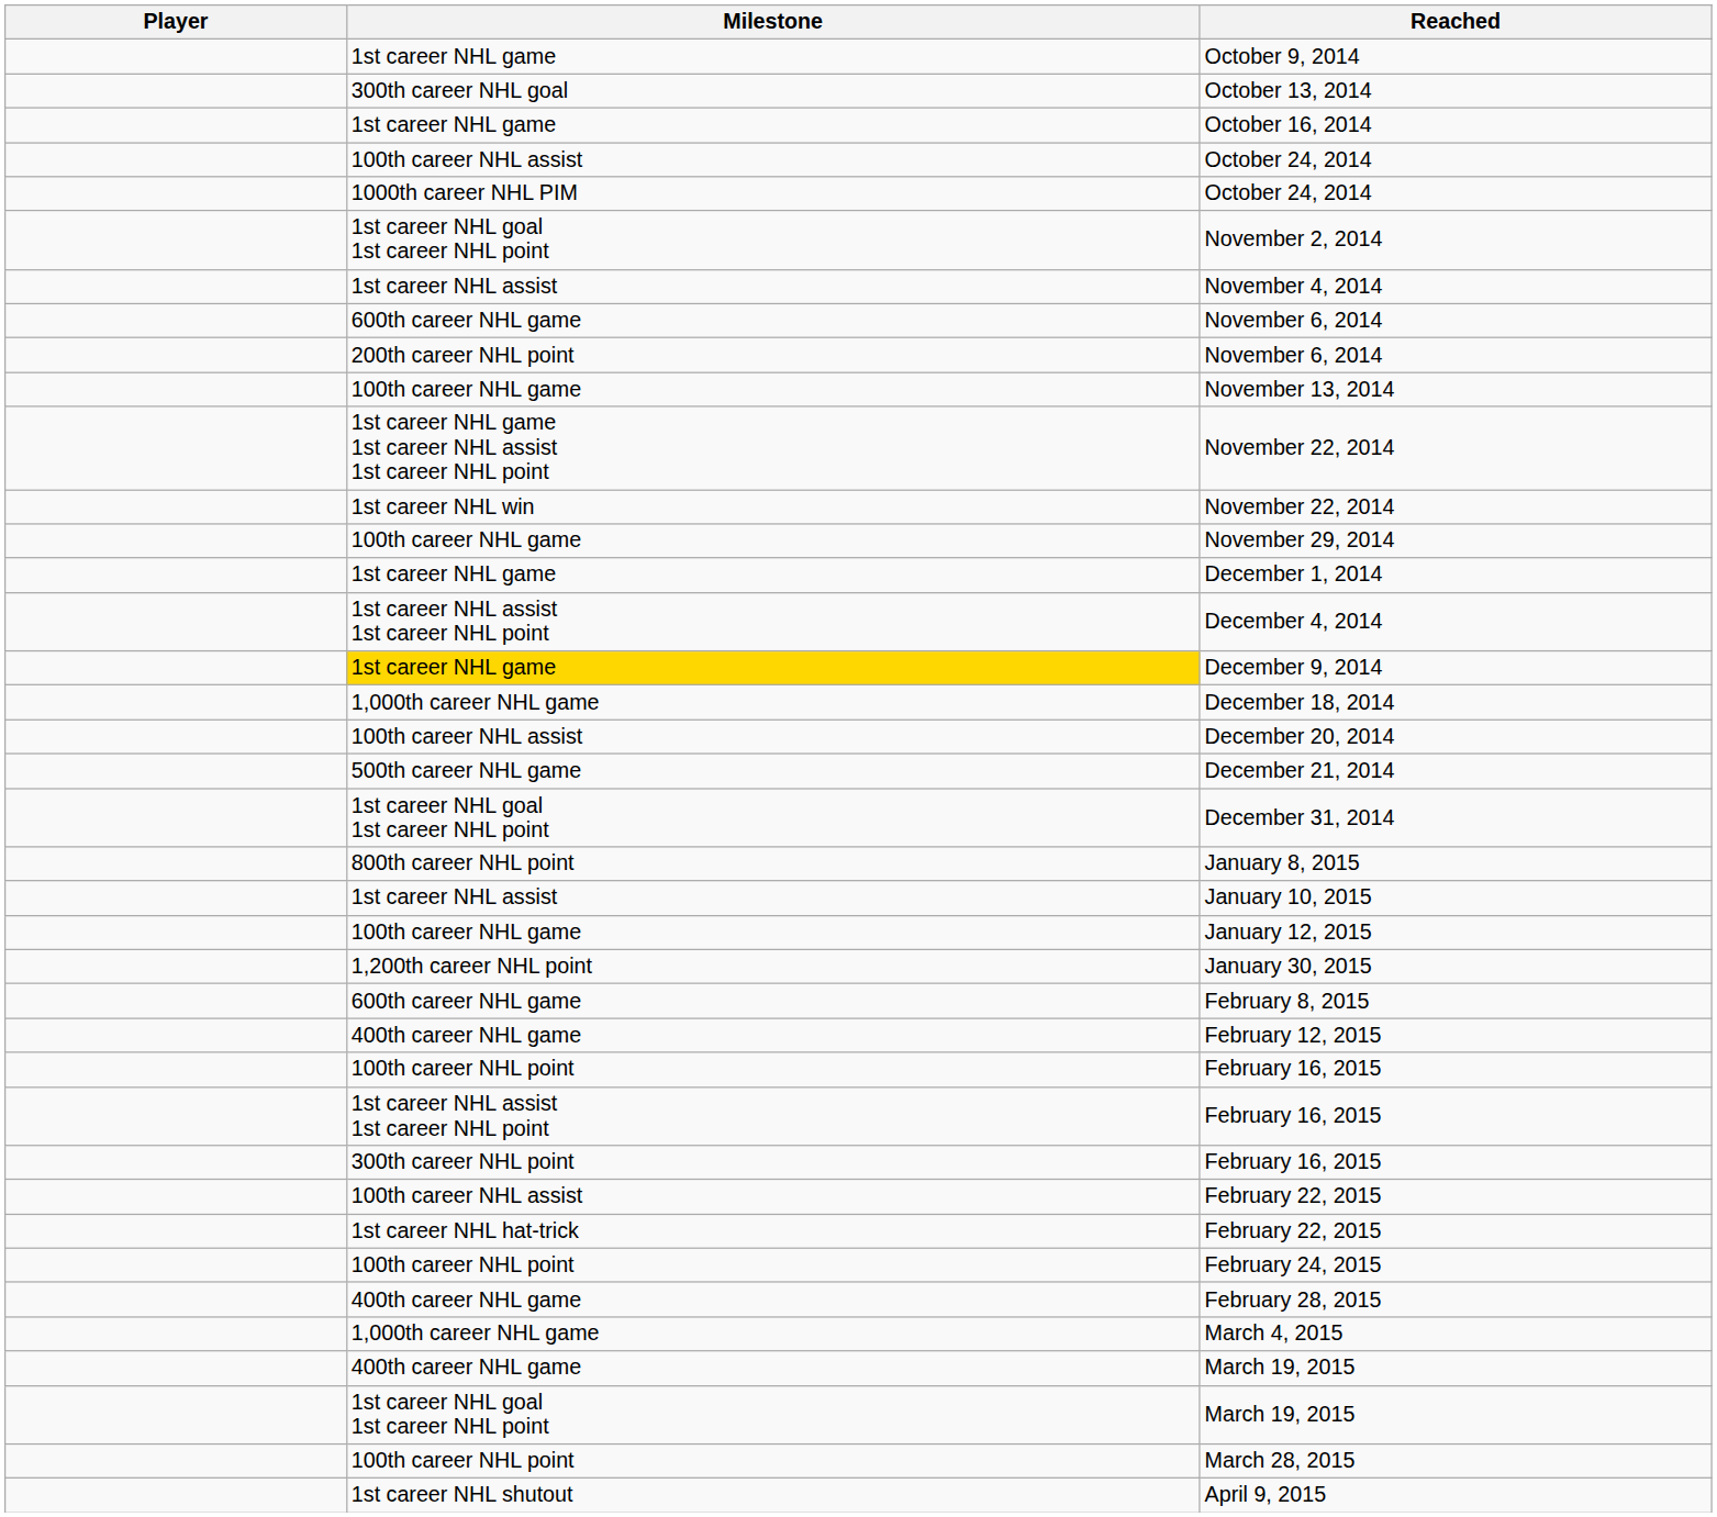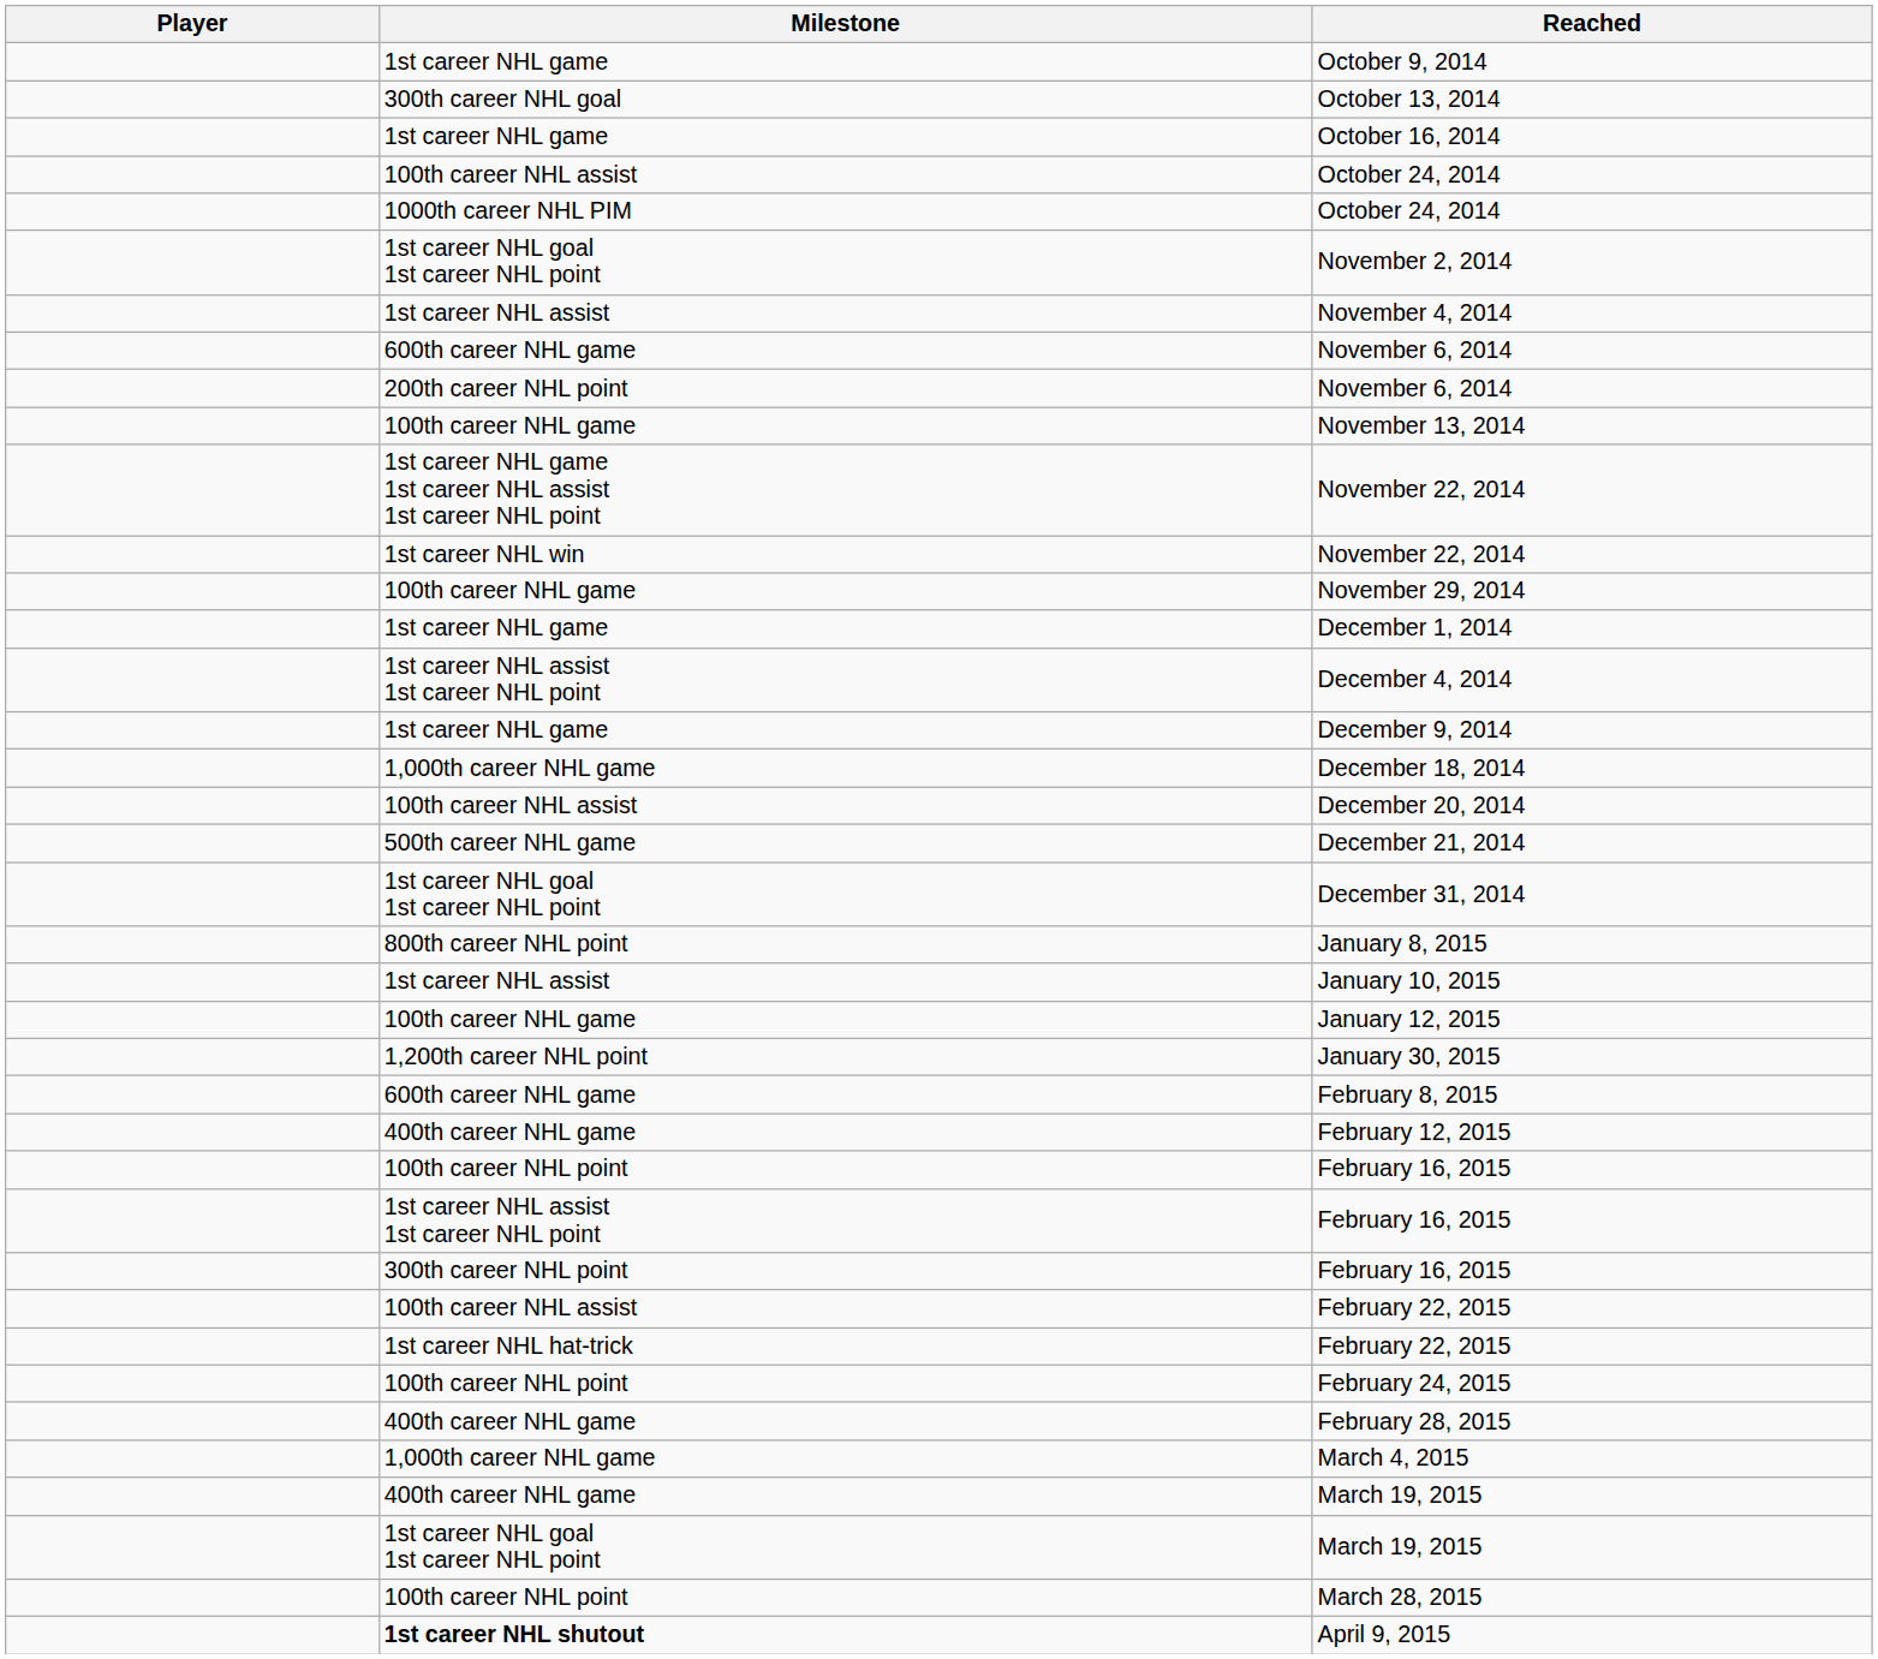 <table class="wikitable sortable" style="width:100%;">
 <tr align=center>
 <th style="width:20%;">Player</th>
 <th style="width:50%;">Milestone</th>
 <th style="width:30%;" data-sort-type="date">Reached</th>
 </tr>
 <tr>
 <td></td>
 <td>1st career NHL game</td>
 <td>October 9, 2014</td>
 </tr>
 <tr>
 <td></td>
 <td>300th career NHL goal</td>
 <td>October 13, 2014</td>
 </tr>
 <tr>
 <td></td>
 <td>1st career NHL game</td>
 <td>October 16, 2014</td>
 </tr>
 <tr>
 <td></td>
 <td>100th career NHL assist</td>
 <td>October 24, 2014</td>
 </tr>
 <tr>
 <td></td>
 <td>1000th career NHL PIM</td>
 <td>October 24, 2014</td>
 </tr>
 <tr>
 <td></td>
 <td>1st career NHL goal<br>1st career NHL point</td>
 <td>November 2, 2014</td>
 </tr>
 <tr>
 <td></td>
 <td>1st career NHL assist</td>
 <td>November 4, 2014</td>
 </tr>
 <tr>
 <td></td>
 <td>600th career NHL game</td>
 <td>November 6, 2014</td>
 </tr>
 <tr>
 <td></td>
 <td>200th career NHL point</td>
 <td>November 6, 2014</td>
 </tr>
 <tr>
 <td></td>
 <td>100th career NHL game</td>
 <td>November 13, 2014</td>
 </tr>
 <tr>
 <td></td>
 <td>1st career NHL game<br>1st career NHL assist<br>1st career NHL point</td>
 <td>November 22, 2014</td>
 </tr>
 <tr>
 <td></td>
 <td>1st career NHL win</td>
 <td>November 22, 2014</td>
 </tr>
 <tr>
 <td></td>
 <td>100th career NHL game</td>
 <td>November 29, 2014</td>
 </tr>
 <tr>
 <td></td>
 <td>1st career NHL game</td>
 <td>December 1, 2014</td>
 </tr>
 <tr>
 <td></td>
 <td>1st career NHL assist<br>1st career NHL point</td>
 <td>December 4, 2014</td>
 </tr>
 <tr>
 <td></td>
-<td style="background: gold;">1st career NHL game</td>
+<td>1st career NHL game</td>
 <td>December 9, 2014</td>
 </tr>
 <tr>
 <td></td>
 <td>1,000th career NHL game</td>
 <td>December 18, 2014</td>
 </tr>
 <tr>
 <td></td>
 <td>100th career NHL assist</td>
 <td>December 20, 2014</td>
 </tr>
 <tr>
 <td></td>
 <td>500th career NHL game</td>
 <td>December 21, 2014</td>
 </tr>
 <tr>
 <td></td>
 <td>1st career NHL goal<br>1st career NHL point</td>
 <td>December 31, 2014</td>
 </tr>
 <tr>
 <td></td>
 <td>800th career NHL point</td>
 <td>January 8, 2015</td>
 </tr>
 <tr>
 <td></td>
 <td>1st career NHL assist</td>
 <td>January 10, 2015</td>
 </tr>
 <tr>
 <td></td>
 <td>100th career NHL game</td>
 <td>January 12, 2015</td>
 </tr>
 <tr>
 <td></td>
 <td>1,200th career NHL point</td>
 <td>January 30, 2015</td>
 </tr>
 <tr>
 <td></td>
 <td>600th career NHL game</td>
 <td>February 8, 2015</td>
 </tr>
 <tr>
 <td></td>
 <td>400th career NHL game</td>
 <td>February 12, 2015</td>
 </tr>
 <tr>
 <td></td>
 <td>100th career NHL point</td>
 <td>February 16, 2015</td>
 </tr>
 <tr>
 <td></td>
 <td>1st career NHL assist<br>1st career NHL point</td>
 <td>February 16, 2015</td>
 </tr>
 <tr>
 <td></td>
 <td>300th career NHL point</td>
 <td>February 16, 2015</td>
 </tr>
 <tr>
 <td></td>
 <td>100th career NHL assist</td>
 <td>February 22, 2015</td>
 </tr>
 <tr>
 <td></td>
 <td>1st career NHL hat-trick</td>
 <td>February 22, 2015</td>
 </tr>
 <tr>
 <td></td>
 <td>100th career NHL point</td>
 <td>February 24, 2015</td>
 </tr>
 <tr>
 <td></td>
 <td>400th career NHL game</td>
 <td>February 28, 2015</td>
 </tr>
 <tr>
 <td></td>
 <td>1,000th career NHL game</td>
 <td>March 4, 2015</td>
 </tr>
 <tr>
 <td></td>
 <td>400th career NHL game</td>
 <td>March 19, 2015</td>
 </tr>
 <tr>
 <td></td>
 <td>1st career NHL goal<br>1st career NHL point</td>
 <td>March 19, 2015</td>
 </tr>
 <tr>
 <td></td>
 <td>100th career NHL point</td>
 <td>March 28, 2015</td>
 </tr>
 <tr>
 <td></td>
-<td>1st career NHL shutout</td>
+<td><strong>1st career NHL shutout</strong></td>
 <td>April 9, 2015</td>
 </tr>
 </table>
